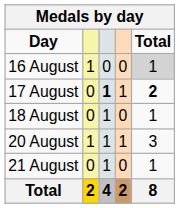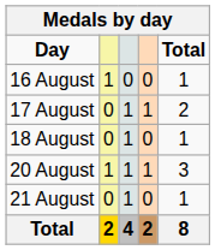 <table class="wikitable" style="font-size:85%; float:right">
 <tr align=center>
 <th colspan=7>Medals by day</th>
 </tr>
 <tr align=center>
 <td><strong>Day</strong></td>
 <td style="background:#f7f6a8;"></td>
 <td style="background:#dce5e5;"></td>
 <td style="background:#ffdab9;"></td>
 <td><strong>Total</strong></td>
 </tr>
 <tr align=center>
 <td>16 August</td>
 <td style="background:#f7f6a8;">1</td>
 <td style="background:#dce5e5;">0</td>
 <td style="background:#ffdab9;">0</td>
-<td style="background: lightgrey;">1</td>
+<td>1</td>
 </tr>
 <tr align=center>
 <td>17 August</td>
 <td style="background:#f7f6a8;">0</td>
-<td style="background:#dce5e5;"><strong>1</strong></td>
+<td style="background:#dce5e5;">1</td>
 <td style="background:#ffdab9;">1</td>
-<td><strong>2</strong></td>
+<td>2</td>
 </tr>
 <tr align=center>
 <td>18 August</td>
 <td style="background:#f7f6a8;">0</td>
 <td style="background:#dce5e5;">1</td>
 <td style="background:#ffdab9;">0</td>
 <td>1</td>
 </tr>
 <tr align=center>
 <td>20 August</td>
 <td style="background:#f7f6a8;">1</td>
 <td style="background:#dce5e5;">1</td>
 <td style="background:#ffdab9;">1</td>
 <td>3</td>
 </tr>
 <tr align=center>
 <td>21 August</td>
 <td style="background:#f7f6a8;">0</td>
 <td style="background:#dce5e5;">1</td>
 <td style="background:#ffdab9;">0</td>
 <td>1</td>
 </tr>
 <tr align=center>
 <th>Total</th>
 <th style="background:gold;">2</th>
 <th style="background:silver;">4</th>
 <th style="background:#c96;">2</th>
 <th>8</th>
 </tr>
 </table>
